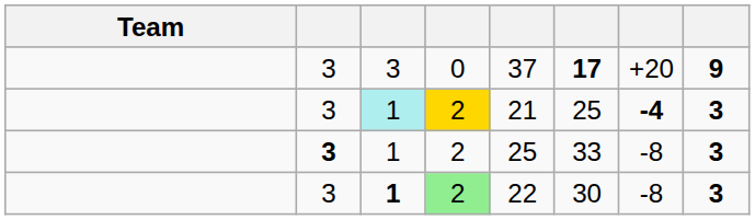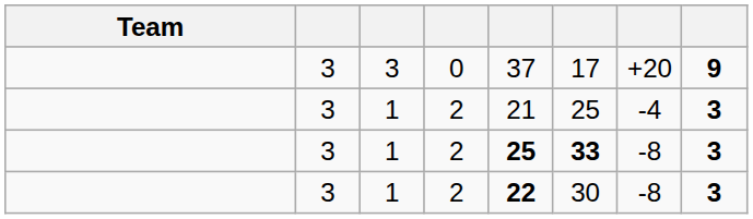 <table class="wikitable" style="text-align:center;font-size:95%">
 <tr>
 <th width=160>Team</th>
 <th width=30></th>
 <th width=30></th>
 <th width=30></th>
 <th width=30></th>
 <th width=30></th>
 <th width=30></th>
 <th width=30></th>
 </tr>
 <tr>
 <td align="left"></td>
 <td>3</td>
 <td>3</td>
 <td>0</td>
 <td>37</td>
-<td><strong>17</strong></td>
+<td>17</td>
 <td>+20</td>
 <td><strong>9</strong></td>
 </tr>
 <tr>
 <td align="left"></td>
 <td>3</td>
-<td style="background: paleturquoise;">1</td>
-<td style="background: gold;">2</td>
+<td>1</td>
+<td>2</td>
 <td>21</td>
 <td>25</td>
-<td><strong>-4</strong></td>
+<td>-4</td>
 <td><strong>3</strong></td>
 </tr>
 <tr>
 <td align="left"></td>
-<td><strong>3</strong></td>
+<td>3</td>
 <td>1</td>
 <td>2</td>
-<td>25</td>
-<td>33</td>
+<td><strong>25</strong></td>
+<td><strong>33</strong></td>
 <td>-8</td>
 <td><strong>3</strong></td>
 </tr>
 <tr>
 <td align="left"></td>
 <td>3</td>
-<td><strong>1</strong></td>
-<td style="background: lightgreen;">2</td>
-<td>22</td>
+<td>1</td>
+<td>2</td>
+<td><strong>22</strong></td>
 <td>30</td>
 <td>-8</td>
 <td><strong>3</strong></td>
 </tr>
 </table>
